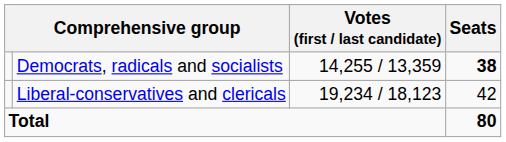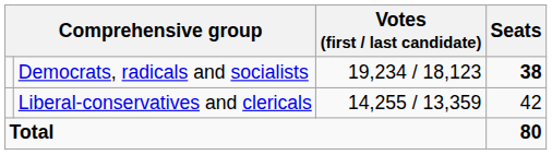 <table class="wikitable">
 <tr>
 <th colspan=2>Comprehensive group</th>
 <th>Votes<br><small>(first / last candidate)</small></th>
 <th>Seats</th>
 </tr>
 <tr>
 <td style="background-color:"></td>
 <td><a href='#'>Democrats</a>, <a href='#'>radicals</a> and <a href='#'>socialists</a></td>
-<td align=right>14,255 / 13,359</td>
+<td align=right>19,234 / 18,123</td>
 <td align=right><strong>38</strong></td>
 </tr>
 <tr>
 <td style="background-color:"></td>
 <td><a href='#'>Liberal-conservatives</a> and <a href='#'>clericals</a></td>
-<td align=right>19,234 / 18,123</td>
+<td align=right>14,255 / 13,359</td>
 <td align=right>42</td>
 </tr>
 <tr>
 <td colspan=3><strong>Total</strong></td>
 <td align=right><strong>80</strong></td>
 </tr>
 </table>
